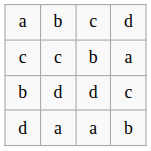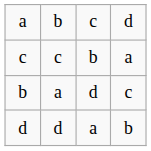 <table class="wikitable" style="margin-left:auto;margin-right:auto;text-align:center;width:8em;height:8em;table-layout:fixed;">
 <tr>
 <td>a</td>
 <td>b</td>
 <td>c</td>
 <td>d</td>
 </tr>
 <tr>
 <td>c</td>
 <td>c</td>
 <td>b</td>
 <td>a</td>
 </tr>
 <tr>
 <td>b</td>
-<td>d</td>
+<td>a</td>
 <td>d</td>
 <td>c</td>
 </tr>
 <tr>
 <td>d</td>
-<td>a</td>
+<td>d</td>
 <td>a</td>
 <td>b</td>
 </tr>
 </table>
